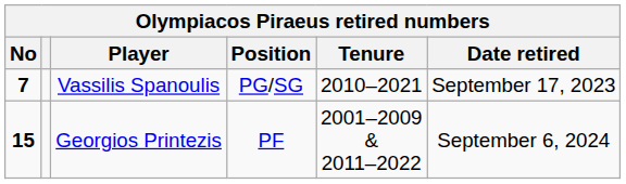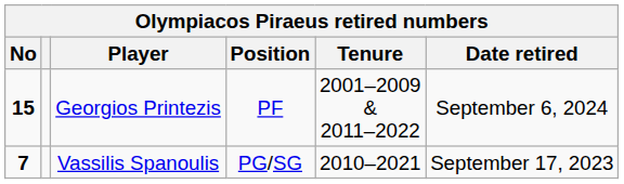 <table class="wikitable sortable" style="font-size:95%; text-align:center;">
 <tr>
 <th colspan=6>Olympiacos Piraeus retired numbers</th>
 </tr>
 <tr>
 <th>No</th>
 <th></th>
 <th>Player</th>
 <th>Position</th>
 <th>Tenure</th>
 <th>Date retired</th>
 </tr>
 <tr>
+<td><strong>15</strong></td>
+<td></td>
+<td><a href='#'>Georgios Printezis</a></td>
+<td><a href='#'>PF</a></td>
+<td>2001–2009<br>&<br> 2011–2022</td>
+<td>September 6, 2024 </td>
+</tr>
+<tr>
 <td><strong>7</strong></td>
 <td></td>
 <td><a href='#'>Vassilis Spanoulis</a></td>
 <td><a href='#'>PG</a>/<a href='#'>SG</a></td>
 <td>2010–2021</td>
 <td>September 17, 2023</td>
 </tr>
-<tr>
-<td><strong>15</strong></td>
-<td></td>
-<td><a href='#'>Georgios Printezis</a></td>
-<td><a href='#'>PF</a></td>
-<td>2001–2009<br>&<br> 2011–2022</td>
-<td>September 6, 2024 </td>
-</tr>
 </table>
